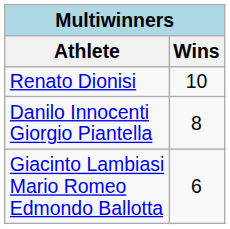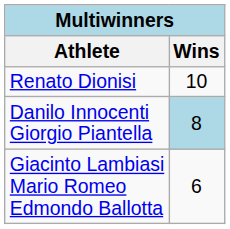 <table class="wikitable" style="margin-left: auto; margin-right: auto; border: none; font-size:90%; text-align:left">
 <tr>
 <td bgcolor=lightblue align=center colspan=2><strong>Multiwinners</strong></td>
 </tr>
 <tr>
 <th>Athlete</th>
 <th>Wins</th>
 </tr>
 <tr>
 <td><a href='#'>Renato Dionisi</a></td>
 <td align=center>10</td>
 </tr>
 <tr>
 <td><a href='#'>Danilo Innocenti</a><br><a href='#'>Giorgio Piantella</a></td>
-<td align=center>8</td>
+<td align=center style="background: lightblue;">8</td>
 </tr>
 <tr>
 <td><a href='#'>Giacinto Lambiasi</a><br><a href='#'>Mario Romeo</a><br><a href='#'>Edmondo Ballotta</a></td>
 <td align=center>6</td>
 </tr>
 </table>
